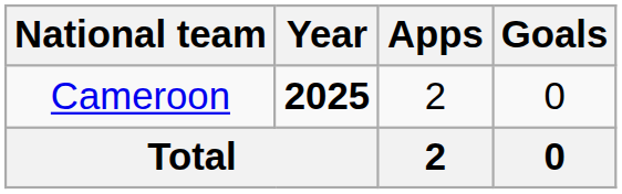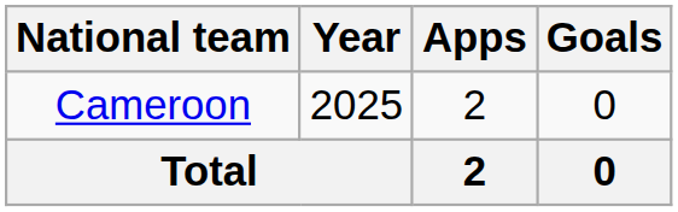 <table class=wikitable style=text-align:center>
 <tr>
 <th>National team</th>
 <th>Year</th>
 <th>Apps</th>
 <th>Goals</th>
 </tr>
 <tr>
 <td><a href='#'>Cameroon</a></td>
-<td><strong>2025</strong></td>
+<td>2025</td>
 <td>2</td>
 <td>0</td>
 </tr>
 <tr>
 <th colspan="2">Total</th>
 <th>2</th>
 <th>0</th>
 </tr>
 </table>
